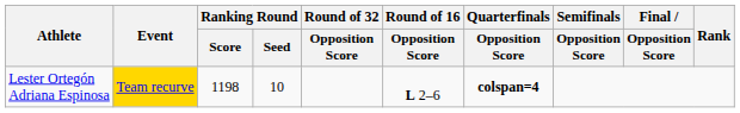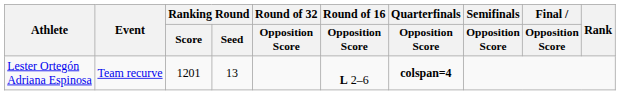 <table class="wikitable" style="font-size:90%">
 <tr>
 <th rowspan="2">Athlete</th>
 <th rowspan="2">Event</th>
 <th colspan="2">Ranking Round</th>
 <th>Round of 32</th>
 <th>Round of 16</th>
 <th>Quarterfinals</th>
 <th>Semifinals</th>
 <th>Final / </th>
 <th rowspan="2">Rank</th>
 </tr>
 <tr style="font-size:95%">
 <th>Score</th>
 <th>Seed</th>
 <th>Opposition<br>Score</th>
 <th>Opposition<br>Score</th>
 <th>Opposition<br>Score</th>
 <th>Opposition<br>Score</th>
 <th>Opposition<br>Score</th>
 </tr>
 <tr align=center>
 <td align=left><a href='#'>Lester Ortegón</a><br><a href='#'>Adriana Espinosa</a></td>
-<td align=left style="background: gold;"><a href='#'>Team recurve</a></td>
-<td>1198</td>
-<td>10</td>
+<td align=left><a href='#'>Team recurve</a></td>
+<td>1201</td>
+<td>13</td>
 <td></td>
 <td><br><strong>L</strong> 2–6</td>
 <td><strong>colspan=4 </strong></td>
 </tr>
 </table>
